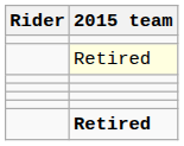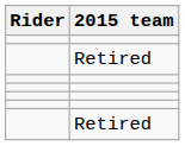 <table class="wikitable">
 <tr>
 <th>Rider</th>
 <th>2015 team</th>
 </tr>
 <tr>
 <td></td>
 <td></td>
 </tr>
 <tr>
 <td></td>
-<td style="background: lightyellow;">Retired</td>
+<td>Retired</td>
 </tr>
 <tr>
 <td></td>
 <td></td>
 </tr>
 <tr>
 <td></td>
 <td></td>
 </tr>
 <tr>
 <td></td>
 <td></td>
 </tr>
 <tr>
 <td></td>
 <td></td>
 </tr>
 <tr>
 <td></td>
-<td><strong>Retired</strong></td>
+<td>Retired</td>
 </tr>
 </table>
